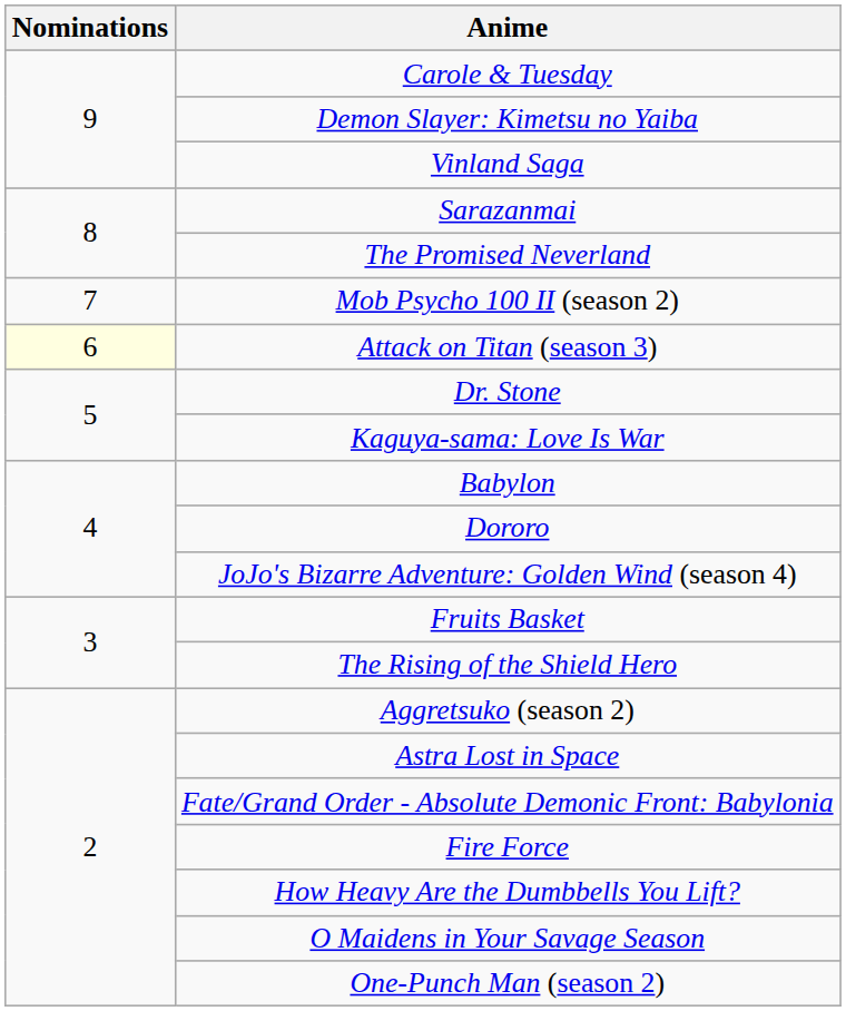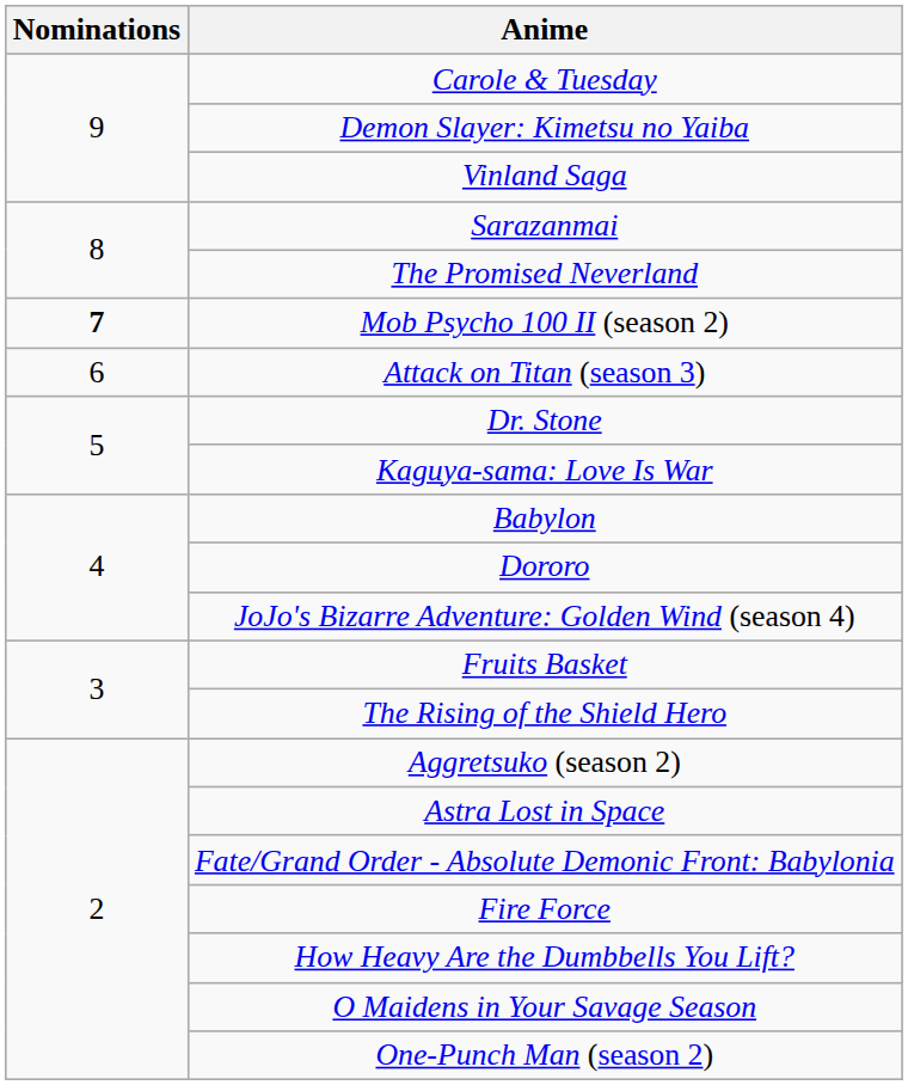 <table class="wikitable" style="text-align: center">
 <tr>
 <th scope="col" width="55">Nominations</th>
 <th scope="col" align="center">Anime</th>
 </tr>
 <tr>
 <td rowspan="3">9</td>
 <td><em><a href='#'>Carole & Tuesday</a></em></td>
 </tr>
 <tr>
 <td><em><a href='#'>Demon Slayer: Kimetsu no Yaiba</a></em></td>
 </tr>
 <tr>
 <td><em><a href='#'>Vinland Saga</a></em></td>
 </tr>
 <tr>
 <td rowspan="2">8</td>
 <td><em><a href='#'>Sarazanmai</a></em></td>
 </tr>
 <tr>
 <td><em><a href='#'>The Promised Neverland</a></em></td>
 </tr>
 <tr>
-<td>7</td>
+<td><strong>7</strong></td>
 <td><em><a href='#'>Mob Psycho 100 II</a></em> (season 2)</td>
 </tr>
 <tr>
-<td style="background: lightyellow;">6</td>
+<td>6</td>
 <td><em><a href='#'>Attack on Titan</a></em> (<a href='#'>season 3</a>)</td>
 </tr>
 <tr>
 <td rowspan = "2">5</td>
 <td><em><a href='#'>Dr. Stone</a></em></td>
 </tr>
 <tr>
 <td><em><a href='#'>Kaguya-sama: Love Is War</a></em></td>
 </tr>
 <tr>
 <td rowspan="3">4</td>
 <td><em><a href='#'>Babylon</a></em></td>
 </tr>
 <tr>
 <td><em><a href='#'>Dororo</a></em></td>
 </tr>
 <tr>
 <td><em><a href='#'>JoJo's Bizarre Adventure: Golden Wind</a></em> (season 4)</td>
 </tr>
 <tr>
 <td rowspan="2">3</td>
 <td><em><a href='#'>Fruits Basket</a></em></td>
 </tr>
 <tr>
 <td><em><a href='#'>The Rising of the Shield Hero</a></em></td>
 </tr>
 <tr>
 <td rowspan="7">2</td>
 <td><em><a href='#'>Aggretsuko</a></em> (season 2)</td>
 </tr>
 <tr>
 <td><em><a href='#'>Astra Lost in Space</a></em></td>
 </tr>
 <tr>
 <td><em><a href='#'>Fate/Grand Order - Absolute Demonic Front: Babylonia</a></em></td>
 </tr>
 <tr>
 <td><em><a href='#'>Fire Force</a></em></td>
 </tr>
 <tr>
 <td><em><a href='#'>How Heavy Are the Dumbbells You Lift?</a></em></td>
 </tr>
 <tr>
 <td><em><a href='#'>O Maidens in Your Savage Season</a></em></td>
 </tr>
 <tr>
 <td><em><a href='#'>One-Punch Man</a></em> (<a href='#'>season 2</a>)</td>
 </tr>
 </table>
